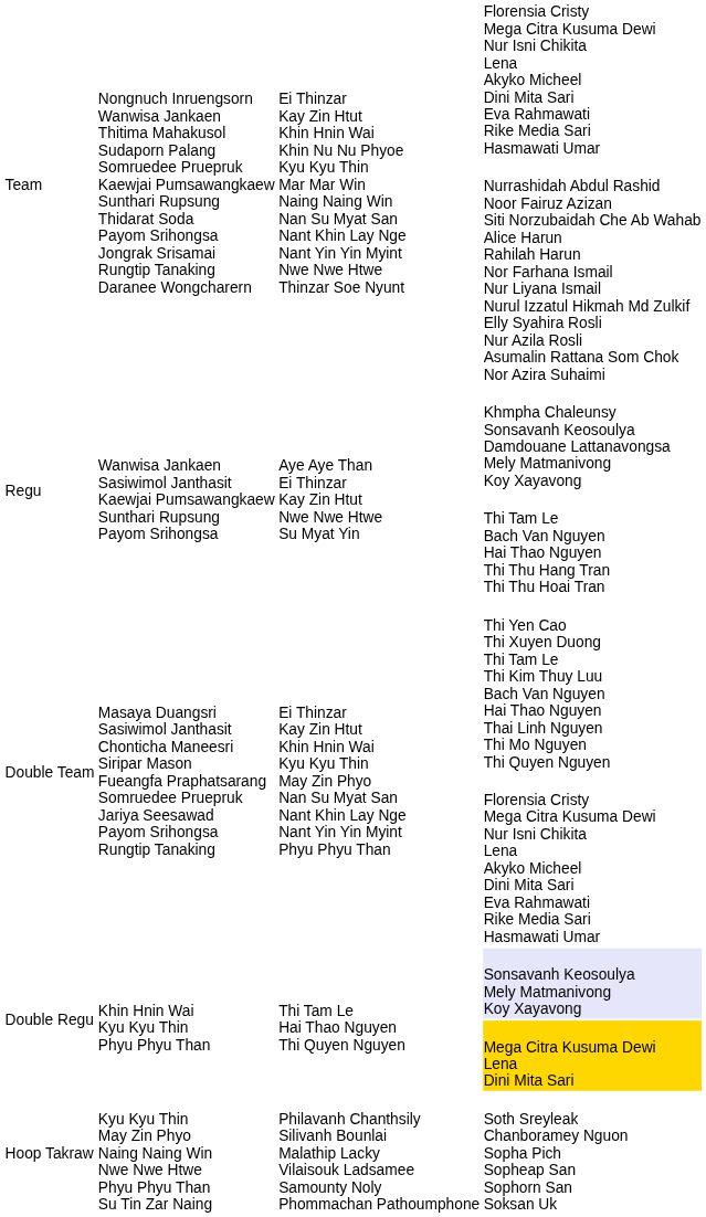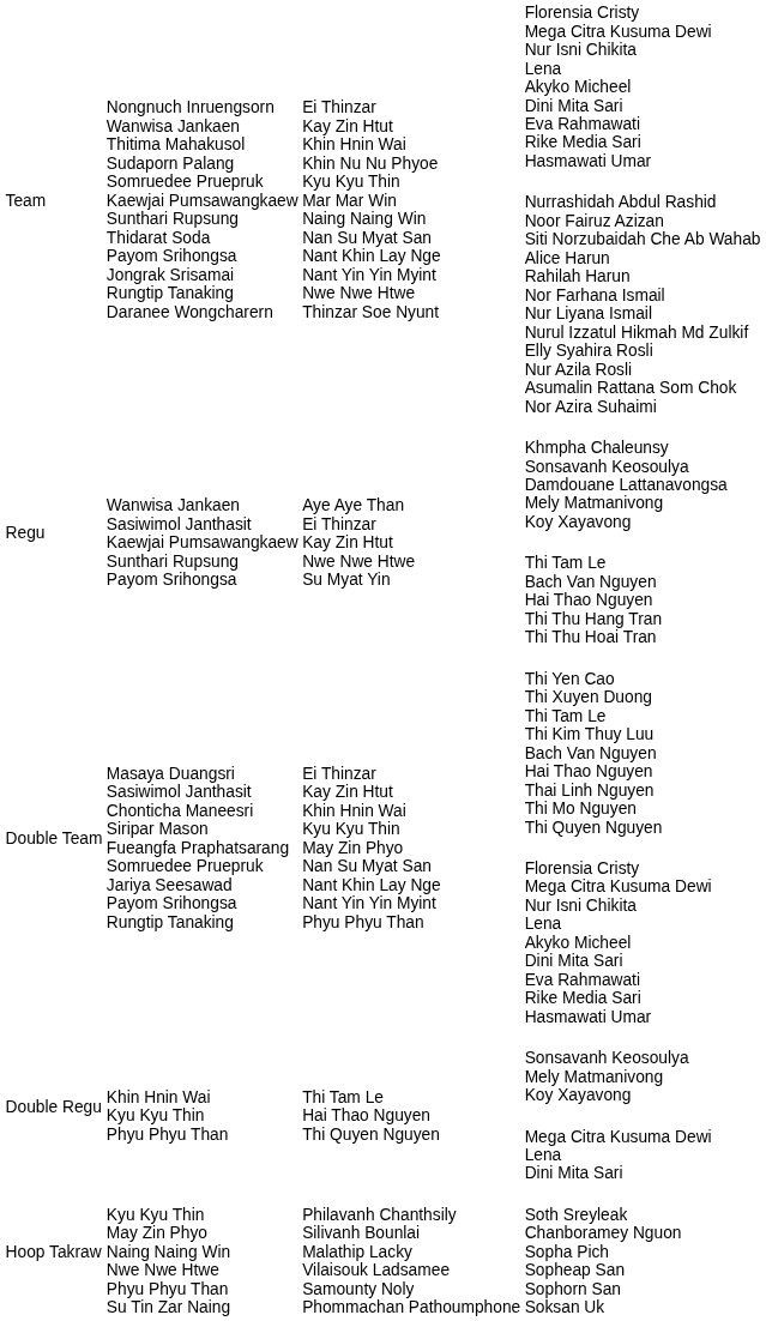 <table>
 <tr>
 <td rowspan=2>Team </td>
 <td rowspan=2><br>Nongnuch Inruengsorn<br>Wanwisa Jankaen<br>Thitima Mahakusol<br>Sudaporn Palang<br>Somruedee Pruepruk<br>Kaewjai Pumsawangkaew<br>Sunthari Rupsung<br>Thidarat Soda<br>Payom Srihongsa<br>Jongrak Srisamai<br>Rungtip Tanaking<br>Daranee Wongcharern</td>
 <td rowspan=2><br>Ei Thinzar<br>Kay Zin Htut<br>Khin Hnin Wai<br>Khin Nu Nu Phyoe<br>Kyu Kyu Thin<br>Mar Mar Win<br>Naing Naing Win<br>Nan Su Myat San<br>Nant Khin Lay Nge<br>Nant Yin Yin Myint<br>Nwe Nwe Htwe<br>Thinzar Soe Nyunt</td>
 <td><br>Florensia Cristy<br>Mega Citra Kusuma Dewi<br>Nur Isni Chikita<br>Lena<br>Akyko Micheel<br>Dini Mita Sari<br>Eva Rahmawati<br>Rike Media Sari<br>Hasmawati Umar</td>
 </tr>
 <tr>
 <td><br>Nurrashidah Abdul Rashid<br>Noor Fairuz Azizan<br>Siti Norzubaidah Che Ab Wahab<br>Alice Harun<br>Rahilah Harun<br>Nor Farhana Ismail<br>Nur Liyana Ismail<br>Nurul Izzatul Hikmah Md Zulkif<br>Elly Syahira Rosli<br>Nur Azila Rosli<br>Asumalin Rattana Som Chok<br>Nor Azira Suhaimi</td>
 </tr>
 <tr>
 <td rowspan=2>Regu </td>
 <td rowspan=2><br>Wanwisa Jankaen<br>Sasiwimol Janthasit<br>Kaewjai Pumsawangkaew<br>Sunthari Rupsung<br>Payom Srihongsa</td>
 <td rowspan=2><br>Aye Aye Than<br>Ei Thinzar<br>Kay Zin Htut<br>Nwe Nwe Htwe<br>Su Myat Yin</td>
 <td><br>Khmpha Chaleunsy<br>Sonsavanh Keosoulya<br>Damdouane Lattanavongsa<br>Mely Matmanivong<br>Koy Xayavong</td>
 </tr>
 <tr>
 <td><br>Thi Tam Le<br>Bach Van Nguyen<br>Hai Thao Nguyen<br>Thi Thu Hang Tran<br>Thi Thu Hoai Tran</td>
 </tr>
 <tr>
 <td rowspan=2>Double Team </td>
 <td rowspan=2><br>Masaya Duangsri<br>Sasiwimol Janthasit<br>Chonticha Maneesri<br>Siripar Mason<br>Fueangfa Praphatsarang<br>Somruedee Pruepruk<br>Jariya Seesawad<br>Payom Srihongsa<br>Rungtip Tanaking</td>
 <td rowspan=2><br>Ei Thinzar<br>Kay Zin Htut<br>Khin Hnin Wai<br>Kyu Kyu Thin<br>May Zin Phyo<br>Nan Su Myat San<br>Nant Khin Lay Nge<br>Nant Yin Yin Myint<br>Phyu Phyu Than</td>
 <td><br>Thi Yen Cao<br>Thi Xuyen Duong<br>Thi Tam Le<br>Thi Kim Thuy Luu<br>Bach Van Nguyen<br>Hai Thao Nguyen<br>Thai Linh Nguyen<br>Thi Mo Nguyen<br>Thi Quyen Nguyen</td>
 </tr>
 <tr>
 <td><br>Florensia Cristy<br>Mega Citra Kusuma Dewi<br>Nur Isni Chikita<br>Lena<br>Akyko Micheel<br>Dini Mita Sari<br>Eva Rahmawati<br>Rike Media Sari<br>Hasmawati Umar</td>
 </tr>
 <tr>
 <td rowspan=2>Double Regu </td>
 <td rowspan=2><br>Khin Hnin Wai<br>Kyu Kyu Thin<br>Phyu Phyu Than</td>
 <td rowspan=2><br>Thi Tam Le<br>Hai Thao Nguyen<br>Thi Quyen Nguyen</td>
-<td style="background: lavender;"><br>Sonsavanh Keosoulya<br>Mely Matmanivong<br>Koy Xayavong</td>
+<td><br>Sonsavanh Keosoulya<br>Mely Matmanivong<br>Koy Xayavong</td>
 </tr>
 <tr>
-<td style="background: gold;"><br>Mega Citra Kusuma Dewi<br>Lena<br>Dini Mita Sari</td>
+<td><br>Mega Citra Kusuma Dewi<br>Lena<br>Dini Mita Sari</td>
 </tr>
 <tr>
 <td>Hoop Takraw </td>
 <td><br>Kyu Kyu Thin<br>May Zin Phyo<br>Naing Naing Win<br>Nwe Nwe Htwe<br>Phyu Phyu Than<br>Su Tin Zar Naing</td>
 <td><br>Philavanh Chanthsily<br>Silivanh Bounlai<br>Malathip Lacky<br>Vilaisouk Ladsamee<br>Samounty Noly<br>Phommachan Pathoumphone</td>
 <td><br>Soth Sreyleak<br>Chanboramey Nguon<br>Sopha Pich<br>Sopheap San<br>Sophorn San<br>Soksan Uk</td>
 </tr>
 </table>
